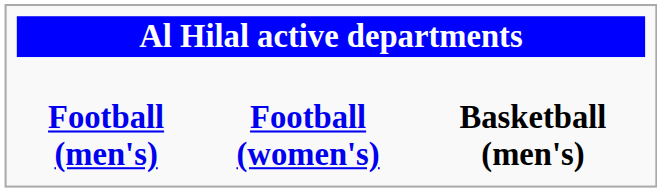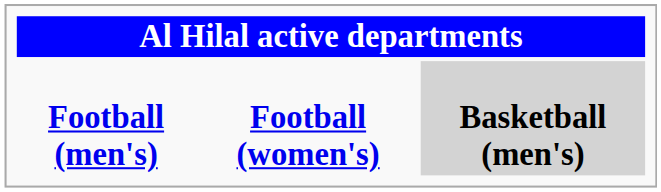 <table class="infobox" style="width: 20em; font-size: 95%em;">
 <tr style="color:white; background:blue; text-align:center;">
 <th colspan="3" style="text-align: center">Al Hilal active departments</th>
 </tr>
 <tr style="text-align: center">
 <td><br><strong><a href='#'>Football<br>(men's)</a></strong></td>
 <td><br><strong><a href='#'>Football<br>(women's)</a></strong></td>
-<td><br><strong>Basketball<br>(men's)</strong></td>
+<td style="background: lightgrey;"><br><strong>Basketball<br>(men's)</strong></td>
 </tr>
 </table>
